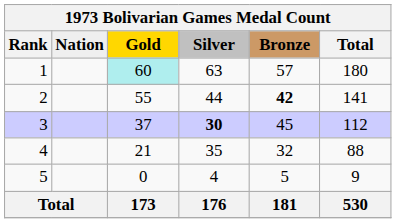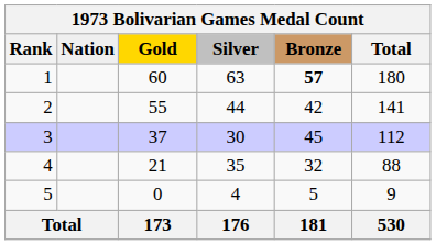 <table class="wikitable" border="2" style="text-align:center">
 <tr>
 <th colspan=6>1973 Bolivarian Games Medal Count</th>
 </tr>
 <tr bgcolor="#efefef">
 <th>Rank</th>
 <td align=left><strong>Nation</strong></td>
 <td bgcolor="gold" align=center width=60><strong>Gold</strong></td>
 <td bgcolor="silver" align=center width=60><strong>Silver</strong></td>
 <td bgcolor="CC9966" align=center width=60><strong>Bronze</strong></td>
 <th width=60>Total</th>
 </tr>
 <tr>
 <td align=right>1</td>
 <td align=left></td>
-<td style="background: paleturquoise;">60</td>
+<td>60</td>
 <td>63</td>
-<td>57</td>
+<td><strong>57</strong></td>
 <td>180</td>
 </tr>
 <tr>
 <td align=right>2</td>
 <td align=left></td>
 <td>55</td>
 <td>44</td>
-<td><strong>42</strong></td>
+<td>42</td>
 <td>141</td>
 </tr>
 <tr style="background:#ccccff">
 <td align=right>3</td>
 <td align=left></td>
 <td>37</td>
-<td><strong>30</strong></td>
+<td>30</td>
 <td>45</td>
 <td>112</td>
 </tr>
 <tr>
 <td align=right>4</td>
 <td align=left></td>
 <td>21</td>
 <td>35</td>
 <td>32</td>
 <td>88</td>
 </tr>
 <tr>
 <td align=right>5</td>
 <td align=left></td>
 <td>0</td>
 <td>4</td>
 <td>5</td>
 <td>9</td>
 </tr>
 <tr>
 <th colspan="2">Total</th>
 <th>173</th>
 <th>176</th>
 <th>181</th>
 <th>530</th>
 </tr>
 <tr>
 </tr>
 </table>
